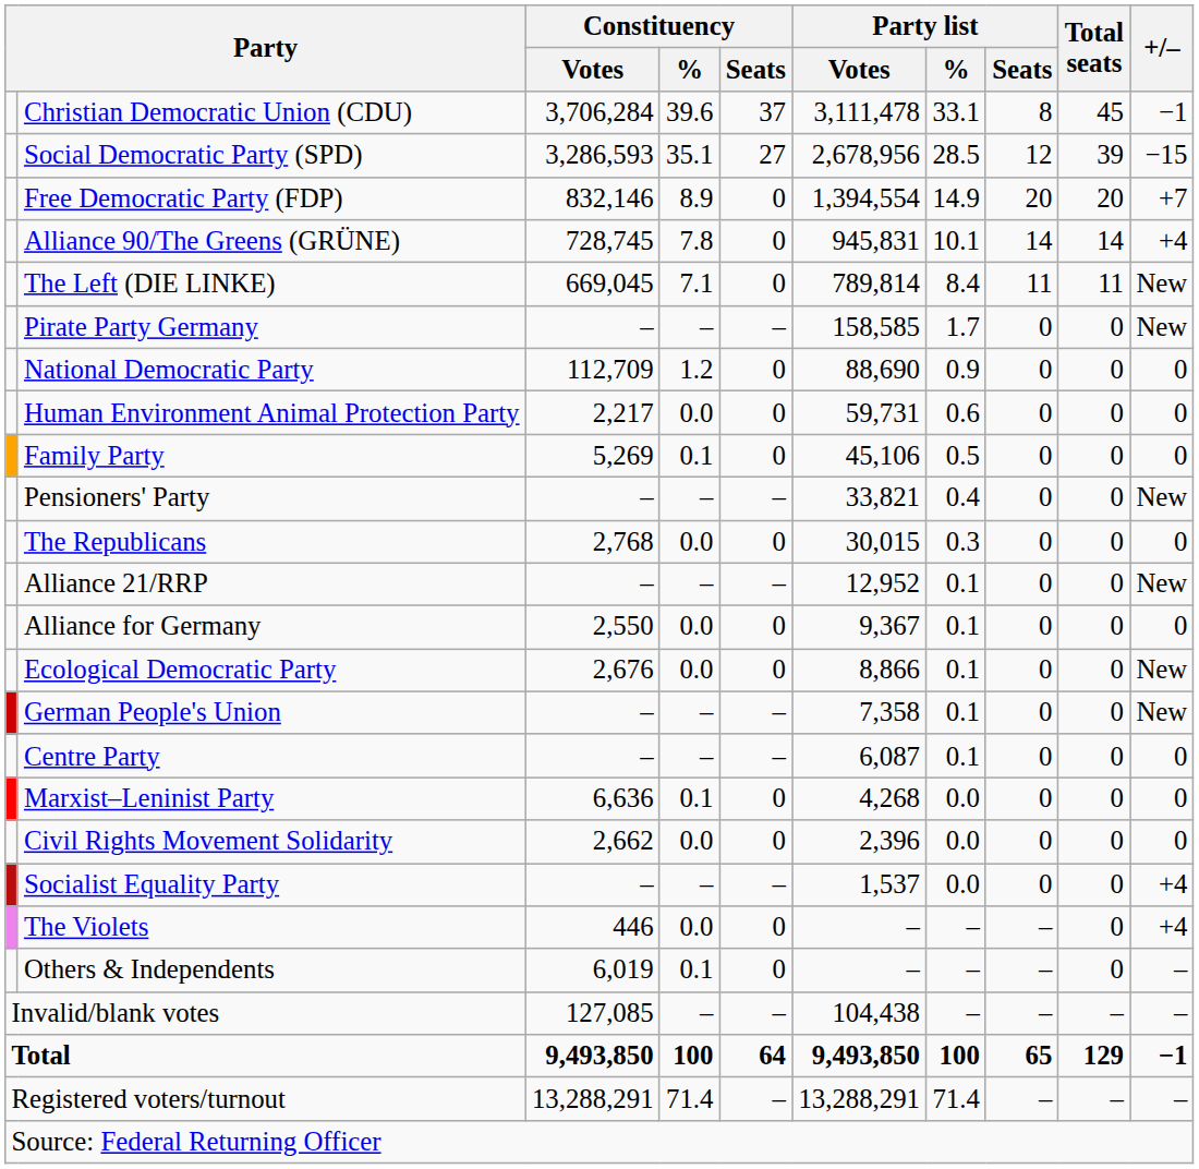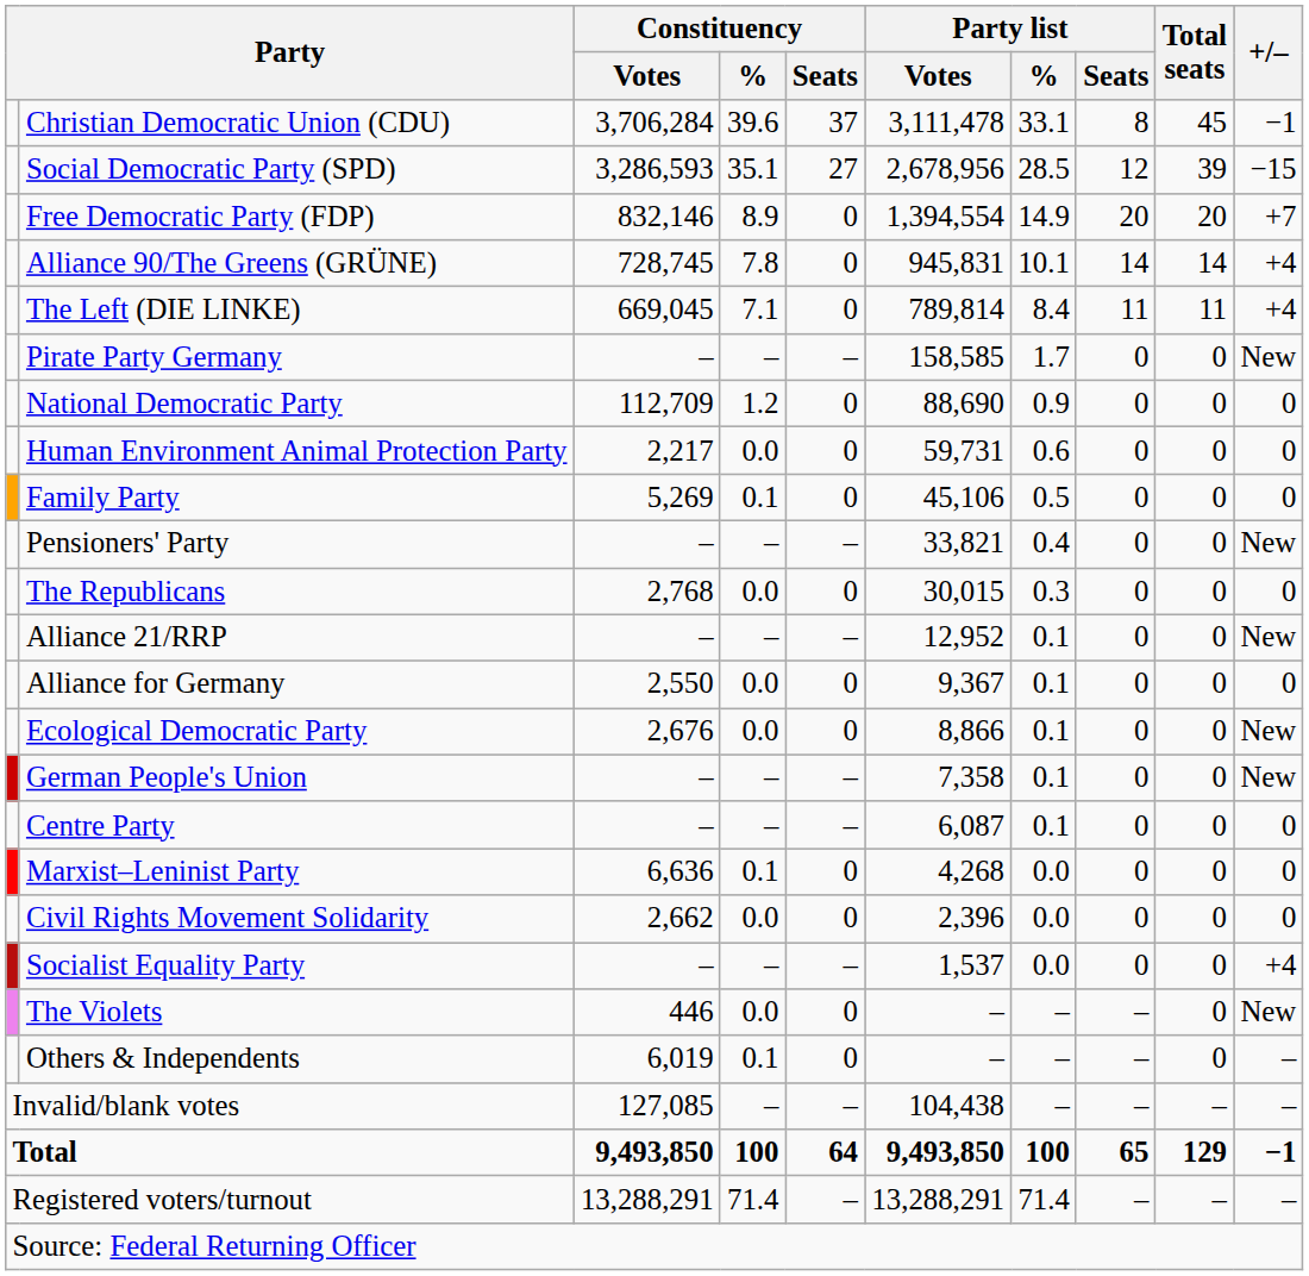 <table class="wikitable" style="text-align:right">
 <tr>
 <th colspan="2" rowspan="2">Party</th>
 <th colspan="3">Constituency</th>
 <th colspan="3">Party list</th>
 <th rowspan="2">Total<br>seats</th>
 <th rowspan="2">+/–</th>
 </tr>
 <tr>
 <th>Votes</th>
 <th>%</th>
 <th>Seats</th>
 <th>Votes</th>
 <th>%</th>
 <th>Seats</th>
 </tr>
 <tr>
 <td></td>
 <td align="left"><a href='#'>Christian Democratic Union</a> (CDU)</td>
 <td>3,706,284</td>
 <td>39.6</td>
 <td>37</td>
 <td>3,111,478</td>
 <td>33.1</td>
 <td>8</td>
 <td>45</td>
 <td>−1</td>
 </tr>
 <tr>
 <td></td>
 <td align="left"><a href='#'>Social Democratic Party</a> (SPD)</td>
 <td>3,286,593</td>
 <td>35.1</td>
 <td>27</td>
 <td>2,678,956</td>
 <td>28.5</td>
 <td>12</td>
 <td>39</td>
 <td>−15</td>
 </tr>
 <tr>
 <td></td>
 <td align="left"><a href='#'>Free Democratic Party</a> (FDP)</td>
 <td>832,146</td>
 <td>8.9</td>
 <td>0</td>
 <td>1,394,554</td>
 <td>14.9</td>
 <td>20</td>
 <td>20</td>
 <td>+7</td>
 </tr>
 <tr>
 <td></td>
 <td align="left"><a href='#'>Alliance 90/The Greens</a> (GRÜNE)</td>
 <td>728,745</td>
 <td>7.8</td>
 <td>0</td>
 <td>945,831</td>
 <td>10.1</td>
 <td>14</td>
 <td>14</td>
 <td>+4</td>
 </tr>
 <tr>
 <td></td>
 <td align="left"><a href='#'>The Left</a> (DIE LINKE)</td>
 <td>669,045</td>
 <td>7.1</td>
 <td>0</td>
 <td>789,814</td>
 <td>8.4</td>
 <td>11</td>
 <td>11</td>
-<td>New</td>
+<td>+4</td>
 </tr>
 <tr>
 <td style="background-color:"></td>
 <td align="left"><a href='#'>Pirate Party Germany</a></td>
 <td>–</td>
 <td>–</td>
 <td>–</td>
 <td>158,585</td>
 <td>1.7</td>
 <td>0</td>
 <td>0</td>
 <td>New</td>
 </tr>
 <tr>
 <td style="background-color:"></td>
 <td align="left"><a href='#'>National Democratic Party</a></td>
 <td>112,709</td>
 <td>1.2</td>
 <td>0</td>
 <td>88,690</td>
 <td>0.9</td>
 <td>0</td>
 <td>0</td>
 <td>0</td>
 </tr>
 <tr>
 <td style="background-color:"></td>
 <td align="left"><a href='#'>Human Environment Animal Protection Party</a></td>
 <td>2,217</td>
 <td>0.0</td>
 <td>0</td>
 <td>59,731</td>
 <td>0.6</td>
 <td>0</td>
 <td>0</td>
 <td>0</td>
 </tr>
 <tr>
 <td style="background-color:#FFA500"></td>
 <td align="left"><a href='#'>Family Party</a></td>
 <td>5,269</td>
 <td>0.1</td>
 <td>0</td>
 <td>45,106</td>
 <td>0.5</td>
 <td>0</td>
 <td>0</td>
 <td>0</td>
 </tr>
 <tr>
 <td></td>
 <td align="left">Pensioners' Party</td>
 <td>–</td>
 <td>–</td>
 <td>–</td>
 <td>33,821</td>
 <td>0.4</td>
 <td>0</td>
 <td>0</td>
 <td>New</td>
 </tr>
 <tr>
 <td style="background-color:"></td>
 <td align="left"><a href='#'>The Republicans</a></td>
 <td>2,768</td>
 <td>0.0</td>
 <td>0</td>
 <td>30,015</td>
 <td>0.3</td>
 <td>0</td>
 <td>0</td>
 <td>0</td>
 </tr>
 <tr>
 <td></td>
 <td align="left">Alliance 21/RRP</td>
 <td>–</td>
 <td>–</td>
 <td>–</td>
 <td>12,952</td>
 <td>0.1</td>
 <td>0</td>
 <td>0</td>
 <td>New</td>
 </tr>
 <tr>
 <td></td>
 <td align="left">Alliance for Germany</td>
 <td>2,550</td>
 <td>0.0</td>
 <td>0</td>
 <td>9,367</td>
 <td>0.1</td>
 <td>0</td>
 <td>0</td>
 <td>0</td>
 </tr>
 <tr>
 <td style="background-color:"></td>
 <td align="left"><a href='#'>Ecological Democratic Party</a></td>
 <td>2,676</td>
 <td>0.0</td>
 <td>0</td>
 <td>8,866</td>
 <td>0.1</td>
 <td>0</td>
 <td>0</td>
 <td>New</td>
 </tr>
 <tr>
 <td style="background-color:#CC0000"></td>
 <td align="left"><a href='#'>German People's Union</a></td>
 <td>–</td>
 <td>–</td>
 <td>–</td>
 <td>7,358</td>
 <td>0.1</td>
 <td>0</td>
 <td>0</td>
 <td>New</td>
 </tr>
 <tr>
 <td style="background-color:"></td>
 <td align="left"><a href='#'>Centre Party</a></td>
 <td>–</td>
 <td>–</td>
 <td>–</td>
 <td>6,087</td>
 <td>0.1</td>
 <td>0</td>
 <td>0</td>
 <td>0</td>
 </tr>
 <tr>
 <td style="background-color:red"></td>
 <td align="left"><a href='#'>Marxist–Leninist Party</a></td>
 <td>6,636</td>
 <td>0.1</td>
 <td>0</td>
 <td>4,268</td>
 <td>0.0</td>
 <td>0</td>
 <td>0</td>
 <td>0</td>
 </tr>
 <tr>
 <td></td>
 <td align="left"><a href='#'>Civil Rights Movement Solidarity</a></td>
 <td>2,662</td>
 <td>0.0</td>
 <td>0</td>
 <td>2,396</td>
 <td>0.0</td>
 <td>0</td>
 <td>0</td>
 <td>0</td>
 </tr>
 <tr>
 <td style="background-color:#B80D0C"></td>
 <td align="left"><a href='#'>Socialist Equality Party</a></td>
 <td>–</td>
 <td>–</td>
 <td>–</td>
 <td>1,537</td>
 <td>0.0</td>
 <td>0</td>
 <td>0</td>
 <td>+4</td>
 </tr>
 <tr>
 <td style="background-color:#EE82EE"></td>
 <td align="left"><a href='#'>The Violets</a></td>
 <td>446</td>
 <td>0.0</td>
 <td>0</td>
 <td>–</td>
 <td>–</td>
 <td>–</td>
 <td>0</td>
-<td>+4</td>
+<td>New</td>
 </tr>
 <tr>
 <td></td>
 <td align="left">Others & Independents</td>
 <td>6,019</td>
 <td>0.1</td>
 <td>0</td>
 <td>–</td>
 <td>–</td>
 <td>–</td>
 <td>0</td>
 <td>–</td>
 </tr>
 <tr>
 <td colspan="2" align="left">Invalid/blank votes</td>
 <td>127,085</td>
 <td>–</td>
 <td>–</td>
 <td>104,438</td>
 <td>–</td>
 <td>–</td>
 <td>–</td>
 <td>–</td>
 </tr>
 <tr>
 <td colspan="2" align="left"><strong>Total</strong></td>
 <td><strong>9,493,850</strong></td>
 <td><strong>100</strong></td>
 <td><strong>64</strong></td>
 <td><strong>9,493,850</strong></td>
 <td><strong>100</strong></td>
 <td><strong>65</strong></td>
 <td><strong>129</strong></td>
 <td><strong>−1</strong></td>
 </tr>
 <tr>
 <td colspan="2" align="left">Registered voters/turnout</td>
 <td>13,288,291</td>
 <td>71.4</td>
 <td>–</td>
 <td>13,288,291</td>
 <td>71.4</td>
 <td>–</td>
 <td>–</td>
 <td>–</td>
 </tr>
 <tr>
 <td colspan="10" align="left">Source: <a href='#'>Federal Returning Officer</a></td>
 </tr>
 </table>
